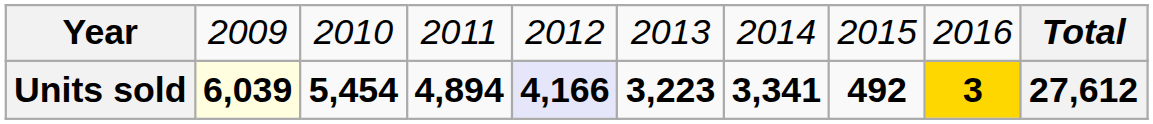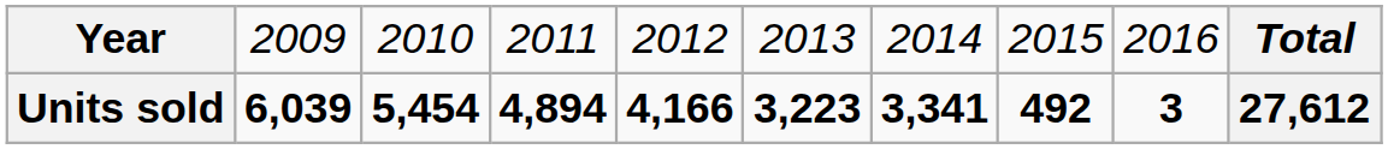 <table class="wikitable" style="float:center; clear:center; margin:0em 0em 1em 1em; text-align:center">
 <tr>
 <th>Year</th>
 <td><em>2009</em></td>
 <td><em>2010</em></td>
 <td><em>2011</em></td>
 <td><em>2012</em></td>
 <td><em>2013</em></td>
 <td><em>2014</em></td>
 <td><em>2015</em></td>
 <td><em>2016</em></td>
 <th><em>Total</em></th>
 </tr>
 <tr>
 <th>Units sold</th>
-<td style="background: lightyellow;"><strong>6,039</strong></td>
+<td><strong>6,039</strong></td>
 <td><strong>5,454</strong></td>
 <td><strong>4,894</strong></td>
-<td style="background: lavender;"><strong>4,166</strong></td>
+<td><strong>4,166</strong></td>
 <td><strong>3,223</strong></td>
 <td><strong>3,341</strong></td>
 <td><strong>492</strong></td>
-<td style="background: gold;"><strong>3</strong></td>
+<td><strong>3</strong></td>
 <th>27,612</th>
 </tr>
 </table>
